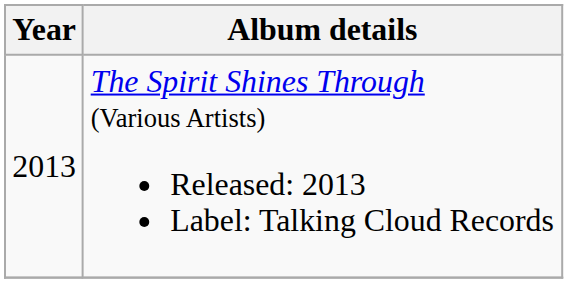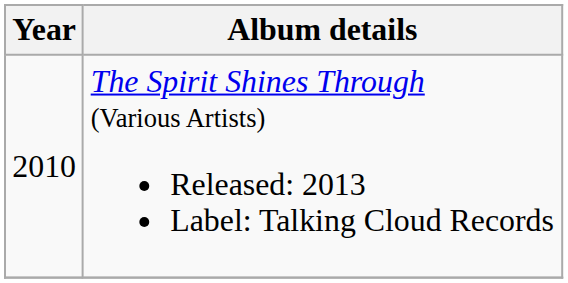 <table class="wikitable">
 <tr>
 <th>Year</th>
 <th>Album details</th>
 </tr>
 <tr>
-<td>2013</td>
+<td>2010</td>
 <td><em><a href='#'>The Spirit Shines Through</a></em> <br><small>(Various Artists)</small><br><ul><li>Released: 2013</li><li>Label: Talking Cloud Records</li></ul></td>
 </tr>
 <tr>
 </tr>
 </table>
